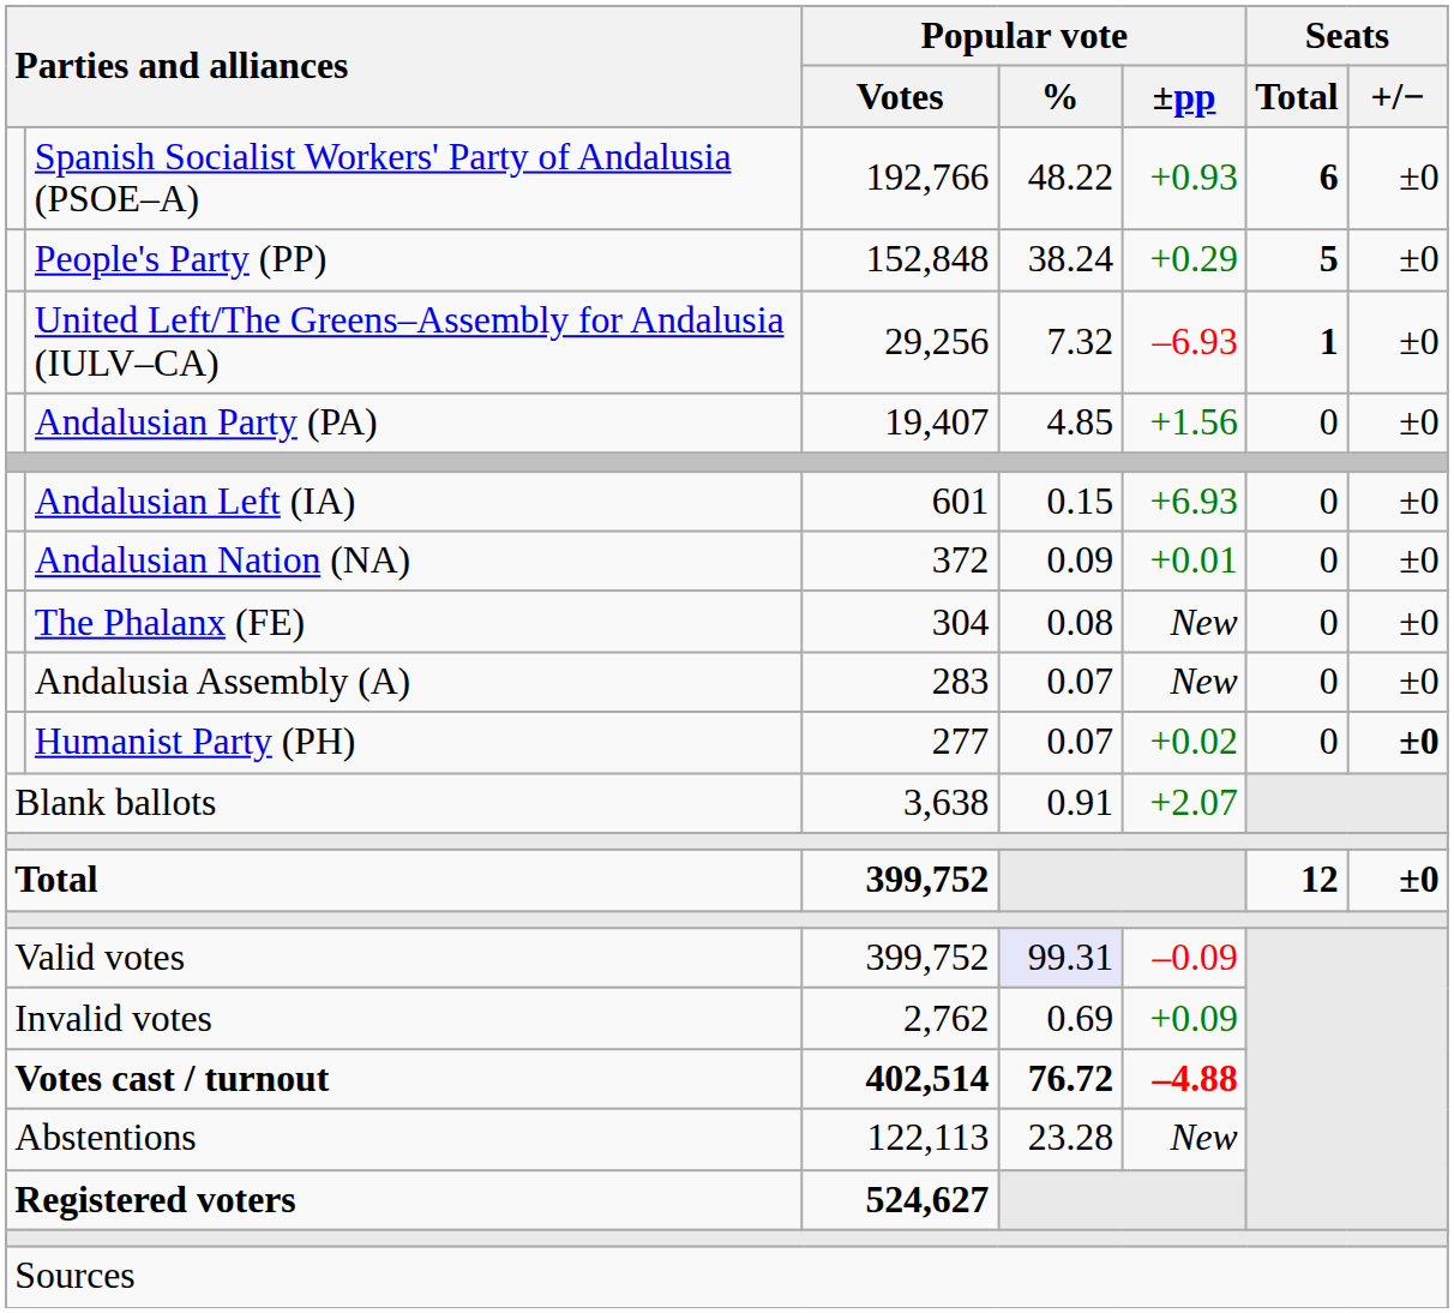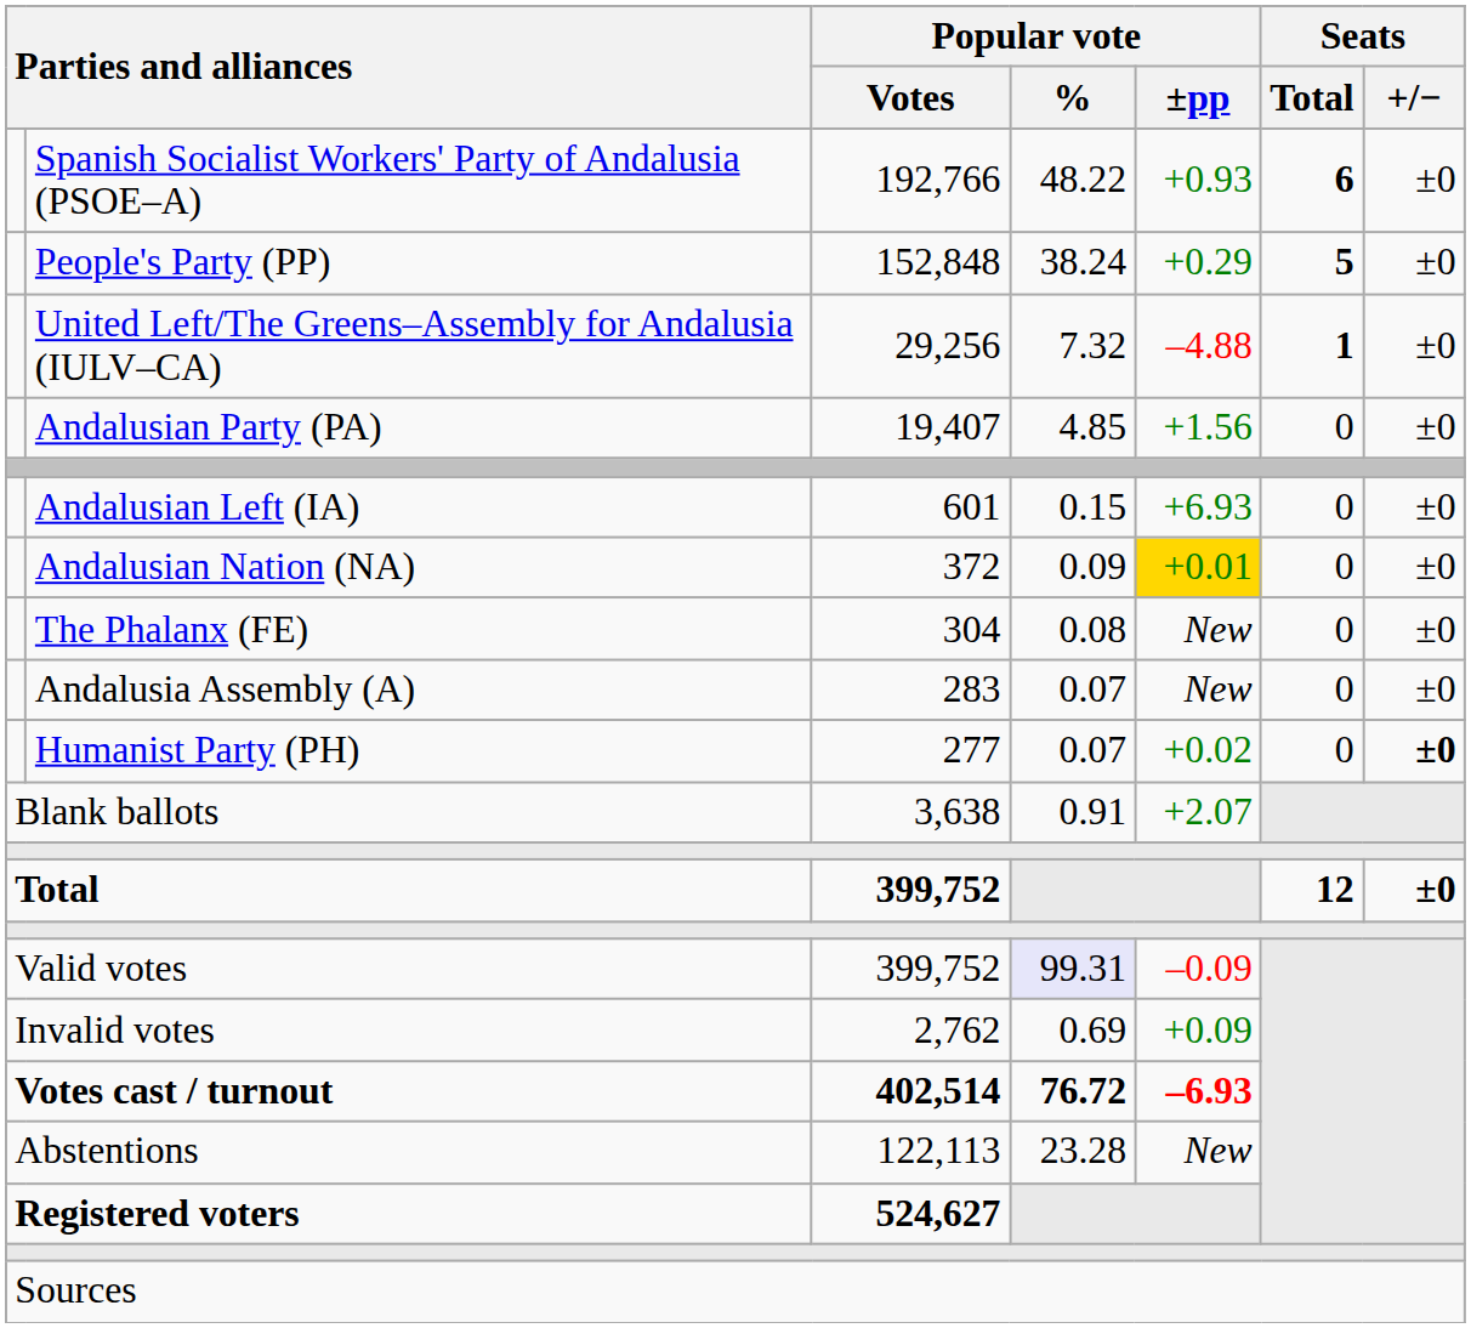 <table class="wikitable" style="text-align:right;">
 <tr>
 <th style="text-align:left;" rowspan="2" colspan="2" width="525">Parties and alliances</th>
 <th colspan="3">Popular vote</th>
 <th colspan="2">Seats</th>
 </tr>
 <tr>
 <th width="75">Votes</th>
 <th width="45">%</th>
 <th width="45">±<a href='#'>pp</a></th>
 <th width="35">Total</th>
 <th width="35">+/−</th>
 </tr>
 <tr>
 <td width="1" style="color:inherit;background:"></td>
 <td align="left"><a href='#'>Spanish Socialist Workers' Party of Andalusia</a> (PSOE–A)</td>
 <td>192,766</td>
 <td>48.22</td>
 <td style="color:green;">+0.93</td>
 <td><strong>6</strong></td>
 <td>±0</td>
 </tr>
 <tr>
 <td style="color:inherit;background:"></td>
 <td align="left"><a href='#'>People's Party</a> (PP)</td>
 <td>152,848</td>
 <td>38.24</td>
 <td style="color:green;">+0.29</td>
 <td><strong>5</strong></td>
 <td>±0</td>
 </tr>
 <tr>
 <td style="color:inherit;background:"></td>
 <td align="left"><a href='#'>United Left/The Greens–Assembly for Andalusia</a> (IULV–CA)</td>
 <td>29,256</td>
 <td>7.32</td>
-<td style="color:red;">–6.93</td>
+<td style="color:red;">–4.88</td>
 <td><strong>1</strong></td>
 <td>±0</td>
 </tr>
 <tr>
 <td style="color:inherit;background:"></td>
 <td align="left"><a href='#'>Andalusian Party</a> (PA)</td>
 <td>19,407</td>
 <td>4.85</td>
 <td style="color:green;">+1.56</td>
 <td>0</td>
 <td>±0</td>
 </tr>
 <tr>
 <td colspan="7" bgcolor="#C0C0C0"></td>
 </tr>
 <tr>
 <td style="color:inherit;background:"></td>
 <td align="left"><a href='#'>Andalusian Left</a> (IA)</td>
 <td>601</td>
 <td>0.15</td>
 <td style="color:green;">+6.93</td>
 <td>0</td>
 <td>±0</td>
 </tr>
 <tr>
 <td style="color:inherit;background:"></td>
 <td align="left"><a href='#'>Andalusian Nation</a> (NA)</td>
 <td>372</td>
 <td>0.09</td>
-<td style="color:green;">+0.01</td>
+<td style="background: gold; color:green;">+0.01</td>
 <td>0</td>
 <td>±0</td>
 </tr>
 <tr>
 <td style="color:inherit;background:"></td>
 <td align="left"><a href='#'>The Phalanx</a> (FE)</td>
 <td>304</td>
 <td>0.08</td>
 <td><em>New</em></td>
 <td>0</td>
 <td>±0</td>
 </tr>
 <tr>
 <td style="color:inherit;background:"></td>
 <td align="left">Andalusia Assembly (A)</td>
 <td>283</td>
 <td>0.07</td>
 <td><em>New</em></td>
 <td>0</td>
 <td>±0</td>
 </tr>
 <tr>
 <td style="color:inherit;background:"></td>
 <td align="left"><a href='#'>Humanist Party</a> (PH)</td>
 <td>277</td>
 <td>0.07</td>
 <td style="color:green;">+0.02</td>
 <td>0</td>
 <td><strong>±0</strong></td>
 </tr>
 <tr>
 <td align="left" colspan="2">Blank ballots</td>
 <td>3,638</td>
 <td>0.91</td>
 <td style="color:green;">+2.07</td>
 <td bgcolor="#E9E9E9" colspan="2"></td>
 </tr>
 <tr>
 <td colspan="7" bgcolor="#E9E9E9"></td>
 </tr>
 <tr style="font-weight:bold;">
 <td align="left" colspan="2">Total</td>
 <td>399,752</td>
 <td bgcolor="#E9E9E9" colspan="2"></td>
 <td>12</td>
 <td>±0</td>
 </tr>
 <tr>
 <td colspan="7" bgcolor="#E9E9E9"></td>
 </tr>
 <tr>
 <td align="left" colspan="2">Valid votes</td>
 <td>399,752</td>
 <td style="background: lavender;">99.31</td>
 <td style="color:red;">–0.09</td>
 <td bgcolor="#E9E9E9" colspan="2" rowspan="5"></td>
 </tr>
 <tr>
 <td align="left" colspan="2">Invalid votes</td>
 <td>2,762</td>
 <td>0.69</td>
 <td style="color:green;">+0.09</td>
 </tr>
 <tr style="font-weight:bold;">
 <td align="left" colspan="2">Votes cast / turnout</td>
 <td>402,514</td>
 <td>76.72</td>
-<td style="color:red;">–4.88</td>
+<td style="color:red;">–6.93</td>
 </tr>
 <tr>
 <td align="left" colspan="2">Abstentions</td>
 <td>122,113</td>
 <td>23.28</td>
 <td><em>New</em></td>
 </tr>
 <tr style="font-weight:bold;">
 <td align="left" colspan="2">Registered voters</td>
 <td>524,627</td>
 <td bgcolor="#E9E9E9" colspan="2"></td>
 </tr>
 <tr>
 <td colspan="7" bgcolor="#E9E9E9"></td>
 </tr>
 <tr>
 <td align="left" colspan="7">Sources</td>
 </tr>
 </table>
